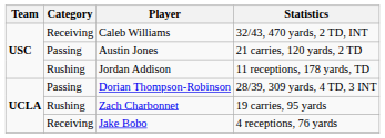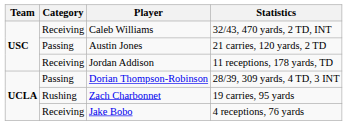 <table class="wikitable" style="float: right;">
 <tr>
 <th>Team</th>
 <th>Category</th>
 <th>Player</th>
 <th>Statistics</th>
 </tr>
 <tr>
 <td rowspan=3><strong>USC</strong></td>
 <td>Receiving</td>
 <td>Caleb Williams</td>
 <td>32/43, 470 yards, 2 TD, INT</td>
 </tr>
 <tr>
 <td>Passing</td>
 <td>Austin Jones</td>
 <td>21 carries, 120 yards, 2 TD</td>
 </tr>
 <tr>
-<td>Rushing</td>
+<td>Receiving</td>
 <td>Jordan Addison</td>
 <td>11 receptions, 178 yards, TD</td>
 </tr>
 <tr>
 <td rowspan=3><strong>UCLA</strong></td>
 <td>Passing</td>
 <td><a href='#'>Dorian Thompson-Robinson</a></td>
 <td>28/39, 309 yards, 4 TD, 3 INT</td>
 </tr>
 <tr>
 <td>Rushing</td>
 <td><a href='#'>Zach Charbonnet</a></td>
 <td>19 carries, 95 yards</td>
 </tr>
 <tr>
 <td>Receiving</td>
 <td><a href='#'>Jake Bobo</a></td>
 <td>4 receptions, 76 yards</td>
 </tr>
 </table>
